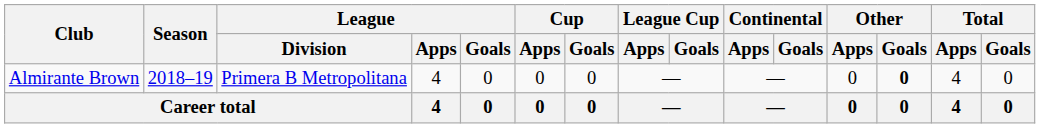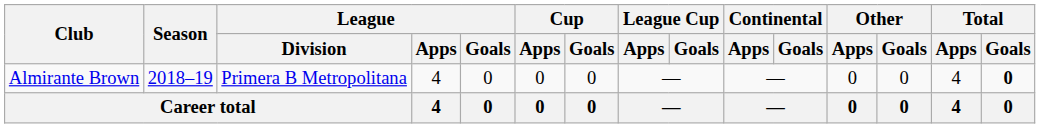 <table class="wikitable" style="text-align:center">
 <tr>
 <th rowspan="2">Club</th>
 <th rowspan="2">Season</th>
 <th colspan="3">League</th>
 <th colspan="2">Cup</th>
 <th colspan="2">League Cup</th>
 <th colspan="2">Continental</th>
 <th colspan="2">Other</th>
 <th colspan="2">Total</th>
 </tr>
 <tr>
 <th>Division</th>
 <th>Apps</th>
 <th>Goals</th>
 <th>Apps</th>
 <th>Goals</th>
 <th>Apps</th>
 <th>Goals</th>
 <th>Apps</th>
 <th>Goals</th>
 <th>Apps</th>
 <th>Goals</th>
 <th>Apps</th>
 <th>Goals</th>
 </tr>
 <tr>
 <td rowspan="1"><a href='#'>Almirante Brown</a></td>
 <td><a href='#'>2018–19</a></td>
 <td rowspan="1"><a href='#'>Primera B Metropolitana</a></td>
 <td>4</td>
 <td>0</td>
 <td>0</td>
 <td>0</td>
 <td colspan="2">—</td>
 <td colspan="2">—</td>
 <td>0</td>
+<td>0</td>
+<td>4</td>
 <td><strong>0</strong></td>
-<td>4</td>
-<td>0</td>
 </tr>
 <tr>
 <th colspan="3">Career total</th>
 <th>4</th>
 <th>0</th>
 <th>0</th>
 <th>0</th>
 <th colspan="2">—</th>
 <th colspan="2">—</th>
 <th>0</th>
 <th>0</th>
 <th>4</th>
 <th>0</th>
 </tr>
 </table>
